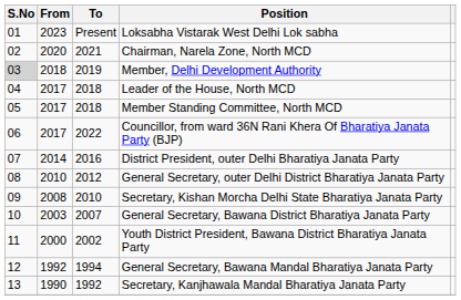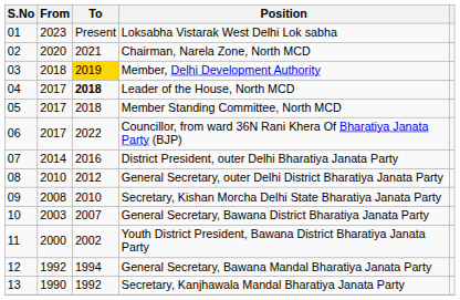 <table class="wikitable sortable">
 <tr>
 <th>S.No</th>
 <th>From</th>
 <th>To</th>
 <th>Position</th>
 <th></th>
 </tr>
 <tr>
 <td>01</td>
 <td>2023</td>
 <td>Present</td>
 <td>Loksabha Vistarak West Delhi Lok sabha</td>
 <td></td>
 </tr>
 <tr>
 <td>02</td>
 <td>2020</td>
 <td>2021</td>
 <td>Chairman, Narela Zone, North MCD</td>
 <td></td>
 </tr>
 <tr>
-<td style="background: lightgrey;">03</td>
+<td>03</td>
 <td>2018</td>
-<td>2019</td>
+<td style="background: gold;">2019</td>
 <td>Member, <a href='#'>Delhi Development Authority</a></td>
 <td></td>
 </tr>
 <tr>
 <td>04</td>
 <td>2017</td>
-<td>2018</td>
+<td><strong>2018</strong></td>
 <td>Leader of the House, North MCD</td>
 <td></td>
 </tr>
 <tr>
 <td>05</td>
 <td>2017</td>
 <td>2018</td>
 <td>Member Standing Committee, North MCD</td>
 <td></td>
 </tr>
 <tr>
 <td>06</td>
 <td>2017</td>
 <td>2022</td>
 <td>Councillor, from ward 36N Rani Khera Of <a href='#'>Bharatiya Janata Party</a> (BJP)</td>
 <td></td>
 </tr>
 <tr>
 <td>07</td>
 <td>2014</td>
 <td>2016</td>
 <td>District President, outer Delhi Bharatiya Janata Party</td>
 <td></td>
 </tr>
 <tr>
 <td>08</td>
 <td>2010</td>
 <td>2012</td>
 <td>General Secretary, outer Delhi District Bharatiya Janata Party</td>
 <td></td>
 </tr>
 <tr>
 <td>09</td>
 <td>2008</td>
 <td>2010</td>
 <td>Secretary, Kishan Morcha Delhi State Bharatiya Janata Party</td>
 <td></td>
 </tr>
 <tr>
 <td>10</td>
 <td>2003</td>
 <td>2007</td>
 <td>General Secretary, Bawana District Bharatiya Janata Party</td>
 <td></td>
 </tr>
 <tr>
 <td>11</td>
 <td>2000</td>
 <td>2002</td>
 <td>Youth District President, Bawana District Bharatiya Janata Party</td>
 <td></td>
 </tr>
 <tr>
 <td>12</td>
 <td>1992</td>
 <td>1994</td>
 <td>General Secretary, Bawana Mandal Bharatiya Janata Party</td>
 <td></td>
 </tr>
 <tr>
 <td>13</td>
 <td>1990</td>
 <td>1992</td>
 <td>Secretary, Kanjhawala Mandal Bharatiya Janata Party</td>
 <td></td>
 </tr>
 <tr>
 </tr>
 </table>
